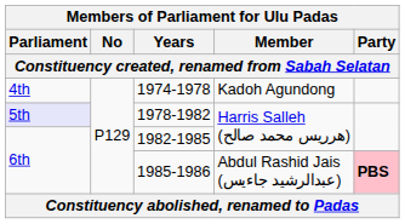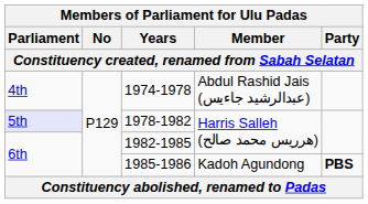 <table class=wikitable>
 <tr>
 <th colspan="5">Members of Parliament for Ulu Padas</th>
 </tr>
 <tr>
 <th>Parliament</th>
 <th>No</th>
 <th>Years</th>
 <th>Member</th>
 <th>Party</th>
 </tr>
 <tr>
 <th colspan="5" align="center"><em>Constituency created, renamed from <a href='#'>Sabah Selatan</a></em></th>
 </tr>
 <tr>
 <td><a href='#'>4th</a></td>
 <td rowspan="4">P129</td>
 <td>1974-1978</td>
-<td>Kadoh Agundong</td>
+<td>Abdul Rashid Jais  <br>(عبدالرشيد جاءيس)</td>
 <td></td>
 </tr>
 <tr>
 <td style="background: lavender;"><a href='#'>5th</a></td>
 <td>1978-1982</td>
 <td rowspan=2><a href='#'>Harris Salleh</a>  <br>(هرريس محمد صالح)</td>
 <td rowspan="2"></td>
 </tr>
 <tr>
 <td rowspan=2><a href='#'>6th</a></td>
 <td>1982-1985</td>
 </tr>
 <tr>
 <td>1985-1986</td>
-<td>Abdul Rashid Jais  <br>(عبدالرشيد جاءيس)</td>
-<td style="background: pink;"><strong>PBS</strong></td>
+<td>Kadoh Agundong</td>
+<td><strong>PBS</strong></td>
 </tr>
 <tr>
 <th colspan="5" align="center"><em>Constituency abolished, renamed to <a href='#'>Padas</a></em></th>
 </tr>
 </table>
